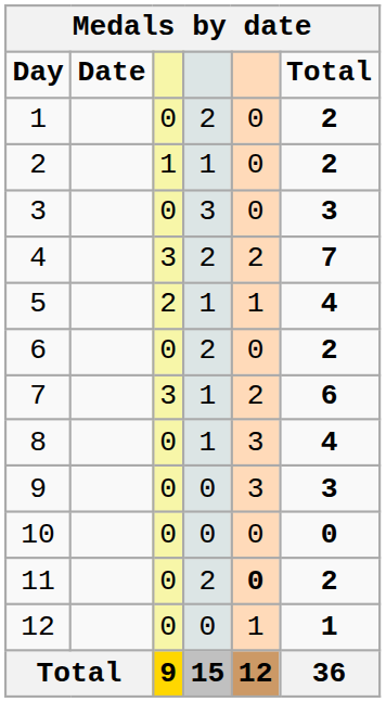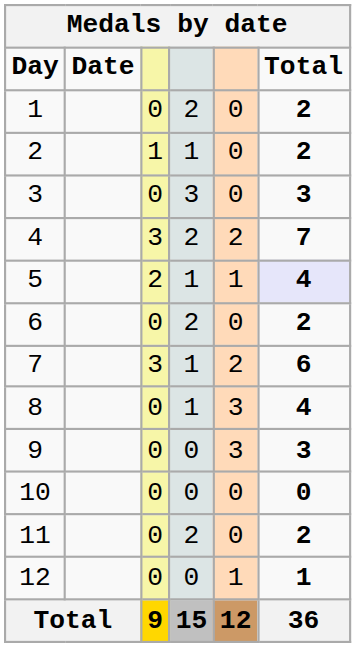 <table class="wikitable" style="font-size:95%">
 <tr style="background:#efefef;">
 <th colspan=6>Medals by date</th>
 </tr>
 <tr style="text-align:center;">
 <td><strong>Day</strong></td>
 <td><strong>Date</strong></td>
 <td style="background:#F7F6A8;"></td>
 <td style="background:#DCE5E5;"></td>
 <td style="background:#FFDAB9;"></td>
 <td><strong>Total</strong></td>
 </tr>
 <tr style="text-align:center;">
 <td>1</td>
 <td></td>
 <td style="background:#F7F6A8;">0</td>
 <td style="background:#DCE5E5;">2</td>
 <td style="background:#FFDAB9;">0</td>
 <td><strong>2</strong></td>
 </tr>
 <tr style="text-align:center;">
 <td>2</td>
 <td></td>
 <td style="background:#F7F6A8;">1</td>
 <td style="background:#DCE5E5;">1</td>
 <td style="background:#FFDAB9;">0</td>
 <td><strong>2</strong></td>
 </tr>
 <tr style="text-align:center;">
 <td>3</td>
 <td></td>
 <td style="background:#F7F6A8;">0</td>
 <td style="background:#DCE5E5;">3</td>
 <td style="background:#FFDAB9;">0</td>
 <td><strong>3</strong></td>
 </tr>
 <tr style="text-align:center;">
 <td>4</td>
 <td></td>
 <td style="background:#F7F6A8;">3</td>
 <td style="background:#DCE5E5;">2</td>
 <td style="background:#FFDAB9;">2</td>
 <td><strong>7</strong></td>
 </tr>
 <tr style="text-align:center;">
 <td>5</td>
 <td></td>
 <td style="background:#F7F6A8;">2</td>
 <td style="background:#DCE5E5;">1</td>
 <td style="background:#FFDAB9;">1</td>
-<td><strong>4</strong></td>
+<td style="background: lavender;"><strong>4</strong></td>
 </tr>
 <tr style="text-align:center;">
 <td>6</td>
 <td></td>
 <td style="background:#F7F6A8;">0</td>
 <td style="background:#DCE5E5;">2</td>
 <td style="background:#FFDAB9;">0</td>
 <td><strong>2</strong></td>
 </tr>
 <tr style="text-align:center;">
 <td>7</td>
 <td></td>
 <td style="background:#F7F6A8;">3</td>
 <td style="background:#DCE5E5;">1</td>
 <td style="background:#FFDAB9;">2</td>
 <td><strong>6</strong></td>
 </tr>
 <tr style="text-align:center;">
 <td>8</td>
 <td></td>
 <td style="background:#F7F6A8;">0</td>
 <td style="background:#DCE5E5;">1</td>
 <td style="background:#FFDAB9;">3</td>
 <td><strong>4</strong></td>
 </tr>
 <tr style="text-align:center;">
 <td>9</td>
 <td></td>
 <td style="background:#F7F6A8;">0</td>
 <td style="background:#DCE5E5;">0</td>
 <td style="background:#FFDAB9;">3</td>
 <td><strong>3</strong></td>
 </tr>
 <tr style="text-align:center;">
 <td>10</td>
 <td></td>
 <td style="background:#F7F6A8;">0</td>
 <td style="background:#DCE5E5;">0</td>
 <td style="background:#FFDAB9;">0</td>
 <td><strong>0</strong></td>
 </tr>
 <tr style="text-align:center;">
 <td>11</td>
 <td></td>
 <td style="background:#F7F6A8;">0</td>
 <td style="background:#DCE5E5;">2</td>
-<td style="background:#FFDAB9;"><strong>0</strong></td>
+<td style="background:#FFDAB9;">0</td>
 <td><strong>2</strong></td>
 </tr>
 <tr style="text-align:center;">
 <td>12</td>
 <td></td>
 <td style="background:#F7F6A8;">0</td>
 <td style="background:#DCE5E5;">0</td>
 <td style="background:#FFDAB9;">1</td>
 <td><strong>1</strong></td>
 </tr>
 <tr>
 <th colspan="2">Total</th>
 <th style="background:gold;">9</th>
 <th style="background:silver;">15</th>
 <th style="background:#c96;">12</th>
 <th>36</th>
 </tr>
 </table>
